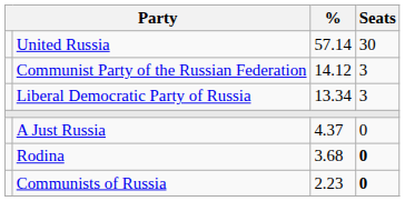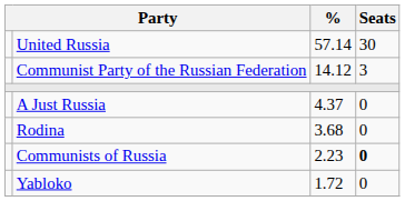 <table class="wikitable">
 <tr>
 <th colspan=2>Party</th>
 <th>%</th>
 <th>Seats</th>
 </tr>
 <tr>
 <td style="background:"></td>
 <td><a href='#'>United Russia</a></td>
 <td>57.14</td>
 <td>30</td>
 </tr>
 <tr>
 <td style="background:"></td>
 <td><a href='#'>Communist Party of the Russian Federation</a></td>
 <td>14.12</td>
 <td>3</td>
 </tr>
 <tr>
-<td style="background:"></td>
-<td><a href='#'>Liberal Democratic Party of Russia</a></td>
-<td>13.34</td>
-<td>3</td>
-</tr>
-<tr>
 <td colspan=4 style="background:#E9E9E9;"></td>
 </tr>
 <tr>
 <td style="background:"></td>
 <td><a href='#'>A Just Russia</a></td>
 <td>4.37</td>
 <td>0</td>
 </tr>
 <tr>
 <td style="background:"></td>
 <td><a href='#'>Rodina</a></td>
 <td>3.68</td>
-<td><strong>0</strong></td>
+<td>0</td>
 </tr>
 <tr>
 <td style="background:"></td>
 <td><a href='#'>Communists of Russia</a></td>
 <td>2.23</td>
 <td><strong>0</strong></td>
 </tr>
 <tr>
+<td style="background:"></td>
+<td><a href='#'>Yabloko</a></td>
+<td>1.72</td>
+<td>0</td>
+</tr>
+<tr>
 </tr>
 </table>
